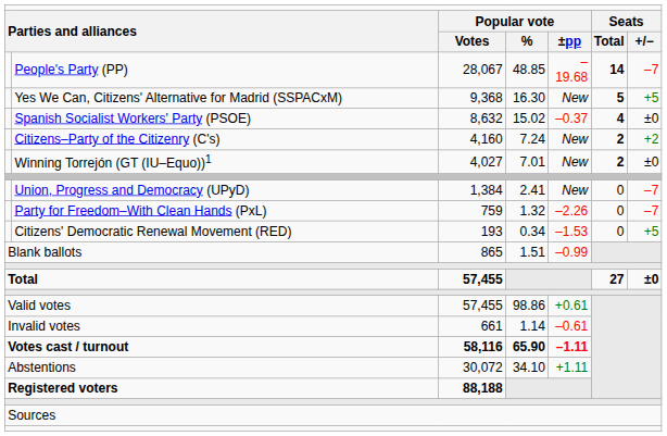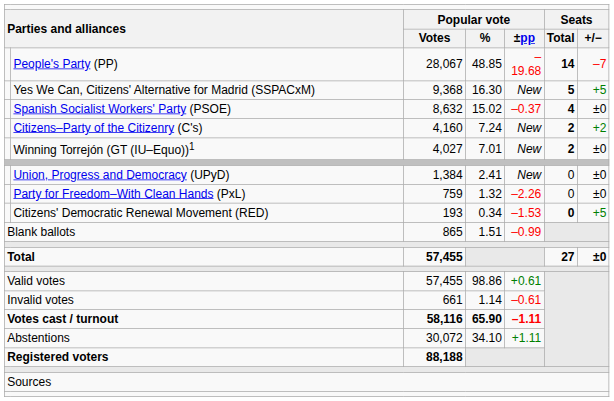 <table class="wikitable" style="text-align:right;">
 <tr>
 <td colspan="7"></td>
 </tr>
 <tr>
 <th style="text-align:left;" rowspan="2" colspan="2" width="525">Parties and alliances</th>
 <th colspan="3">Popular vote</th>
 <th colspan="2">Seats</th>
 </tr>
 <tr>
 <th width="75">Votes</th>
 <th width="45">%</th>
 <th width="45">±<a href='#'>pp</a></th>
 <th width="35">Total</th>
 <th width="35">+/−</th>
 </tr>
 <tr>
 <td width="1" style="color:inherit;background:"></td>
 <td align="left"><a href='#'>People's Party</a> (PP)</td>
 <td>28,067</td>
 <td>48.85</td>
 <td style="color:red;">–19.68</td>
 <td><strong>14</strong></td>
 <td style="color:red;">–7</td>
 </tr>
 <tr>
 <td style="color:inherit;background:"></td>
 <td align="left">Yes We Can, Citizens' Alternative for Madrid (SSPACxM)</td>
 <td>9,368</td>
 <td>16.30</td>
 <td><em>New</em></td>
 <td><strong>5</strong></td>
 <td style="color:green;">+5</td>
 </tr>
 <tr>
 <td style="color:inherit;background:"></td>
 <td align="left"><a href='#'>Spanish Socialist Workers' Party</a> (PSOE)</td>
 <td>8,632</td>
 <td>15.02</td>
 <td style="color:red;">–0.37</td>
 <td><strong>4</strong></td>
 <td>±0</td>
 </tr>
 <tr>
 <td style="color:inherit;background:"></td>
 <td align="left"><a href='#'>Citizens–Party of the Citizenry</a> (C's)</td>
 <td>4,160</td>
 <td>7.24</td>
 <td><em>New</em></td>
 <td><strong>2</strong></td>
 <td style="color:green;">+2</td>
 </tr>
 <tr>
 <td style="color:inherit;background:"></td>
 <td align="left">Winning Torrejón (GT (IU–Equo))<sup>1</sup></td>
 <td>4,027</td>
 <td>7.01</td>
 <td><em>New</em></td>
 <td><strong>2</strong></td>
 <td>±0</td>
 </tr>
 <tr>
 <td colspan="7" bgcolor="#C0C0C0"></td>
 </tr>
 <tr>
 <td style="color:inherit;background:"></td>
 <td align="left"><a href='#'>Union, Progress and Democracy</a> (UPyD)</td>
 <td>1,384</td>
 <td>2.41</td>
 <td><em>New</em></td>
 <td>0</td>
-<td style="color:red;">–7</td>
+<td>±0</td>
 </tr>
 <tr>
 <td style="color:inherit;background:"></td>
 <td align="left"><a href='#'>Party for Freedom–With Clean Hands</a> (PxL)</td>
 <td>759</td>
 <td>1.32</td>
 <td style="color:red;">–2.26</td>
 <td>0</td>
-<td style="color:red;">–7</td>
+<td>±0</td>
 </tr>
 <tr>
 <td style="color:inherit;background:"></td>
 <td align="left">Citizens' Democratic Renewal Movement (RED)</td>
 <td>193</td>
 <td>0.34</td>
 <td style="color:red;">–1.53</td>
-<td>0</td>
+<td><strong>0</strong></td>
 <td style="color:green;">+5</td>
 </tr>
 <tr>
 <td align="left" colspan="2">Blank ballots</td>
 <td>865</td>
 <td>1.51</td>
 <td style="color:red;">–0.99</td>
 <td bgcolor="#E9E9E9" colspan="2"></td>
 </tr>
 <tr>
 <td colspan="7" bgcolor="#E9E9E9"></td>
 </tr>
 <tr style="font-weight:bold;">
 <td align="left" colspan="2">Total</td>
 <td>57,455</td>
 <td bgcolor="#E9E9E9" colspan="2"></td>
 <td>27</td>
 <td>±0</td>
 </tr>
 <tr>
 <td colspan="7" bgcolor="#E9E9E9"></td>
 </tr>
 <tr>
 <td align="left" colspan="2">Valid votes</td>
 <td>57,455</td>
 <td>98.86</td>
 <td style="color:green;">+0.61</td>
 <td bgcolor="#E9E9E9" colspan="2" rowspan="5"></td>
 </tr>
 <tr>
 <td align="left" colspan="2">Invalid votes</td>
 <td>661</td>
 <td>1.14</td>
 <td style="color:red;">–0.61</td>
 </tr>
 <tr style="font-weight:bold;">
 <td align="left" colspan="2">Votes cast / turnout</td>
 <td>58,116</td>
 <td>65.90</td>
 <td style="color:red;">–1.11</td>
 </tr>
 <tr>
 <td align="left" colspan="2">Abstentions</td>
 <td>30,072</td>
 <td>34.10</td>
 <td style="color:green;">+1.11</td>
 </tr>
 <tr style="font-weight:bold;">
 <td align="left" colspan="2">Registered voters</td>
 <td>88,188</td>
 <td bgcolor="#E9E9E9" colspan="2"></td>
 </tr>
 <tr>
 <td colspan="7" bgcolor="#E9E9E9"></td>
 </tr>
 <tr>
 <td align="left" colspan="7">Sources</td>
 </tr>
 <tr>
 <td colspan="7" style="text-align:left; max-width:790px;"></td>
 </tr>
 </table>
